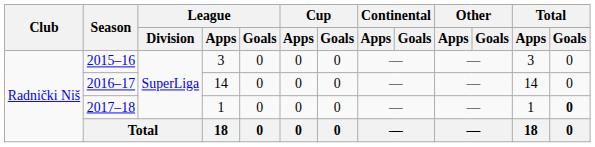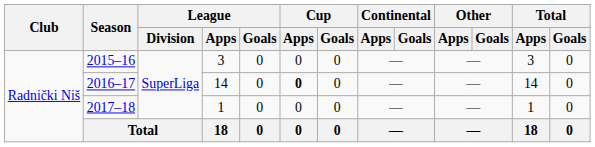 <table class="wikitable" style="text-align: center;font-size:90%">
 <tr>
 <th rowspan="2">Club</th>
 <th rowspan="2">Season</th>
 <th colspan="3">League</th>
 <th colspan="2">Cup</th>
 <th colspan="2">Continental</th>
 <th colspan="2">Other</th>
 <th colspan="2">Total</th>
 </tr>
 <tr>
 <th>Division</th>
 <th>Apps</th>
 <th>Goals</th>
 <th>Apps</th>
 <th>Goals</th>
 <th>Apps</th>
 <th>Goals</th>
 <th>Apps</th>
 <th>Goals</th>
 <th>Apps</th>
 <th>Goals</th>
 </tr>
 <tr>
 <td rowspan="4" valign="center"><a href='#'>Radnički Niš</a></td>
 <td><a href='#'>2015–16</a></td>
 <td rowspan=3><a href='#'>SuperLiga</a></td>
 <td>3</td>
 <td>0</td>
 <td>0</td>
 <td>0</td>
 <td colspan="2">—</td>
 <td colspan="2">—</td>
 <td>3</td>
 <td>0</td>
 </tr>
 <tr>
 <td><a href='#'>2016–17</a></td>
 <td>14</td>
 <td>0</td>
-<td>0</td>
+<td><strong>0</strong></td>
 <td>0</td>
 <td colspan="2">—</td>
 <td colspan="2">—</td>
 <td>14</td>
 <td>0</td>
 </tr>
 <tr>
 <td><a href='#'>2017–18</a></td>
 <td>1</td>
 <td>0</td>
 <td>0</td>
 <td>0</td>
 <td colspan="2">—</td>
 <td colspan="2">—</td>
 <td>1</td>
-<td><strong>0</strong></td>
+<td>0</td>
 </tr>
 <tr>
 <th colspan="2">Total</th>
 <th>18</th>
 <th>0</th>
 <th>0</th>
 <th>0</th>
 <th colspan="2">—</th>
 <th colspan="2">—</th>
 <th>18</th>
 <th>0</th>
 </tr>
 </table>
